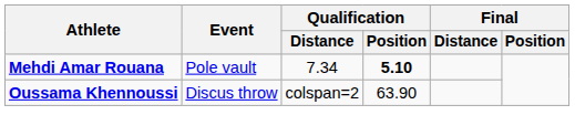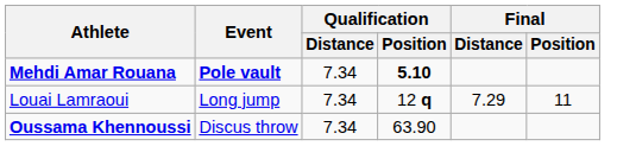 <table class=wikitable style=font-size:90%>
 <tr>
 <th rowspan=2>Athlete</th>
 <th rowspan=2>Event</th>
 <th colspan=2>Qualification</th>
 <th colspan=2>Final</th>
 </tr>
 <tr style=font-size:95%>
 <th>Distance</th>
 <th>Position</th>
 <th>Distance</th>
 <th>Position</th>
 </tr>
 <tr align=center>
 <td align=left><strong><a href='#'>Mehdi Amar Rouana</a></strong></td>
-<td align=left><a href='#'>Pole vault</a></td>
+<td align=left><strong><a href='#'>Pole vault</a></strong></td>
 <td>7.34</td>
 <td><strong>5.10</strong></td>
 <td></td>
 </tr>
 <tr align=center>
+<td align=left><a href='#'>Louai Lamraoui</a></td>
+<td align=left><a href='#'>Long jump</a></td>
+<td>7.34</td>
+<td>12 <strong>q</strong></td>
+<td>7.29</td>
+<td>11</td>
+</tr>
+<tr align=center>
 <td align=left><strong><a href='#'>Oussama Khennoussi</a></strong></td>
 <td align=left><a href='#'>Discus throw</a></td>
-<td>colspan=2 </td>
+<td>7.34</td>
 <td>63.90</td>
 <td></td>
 </tr>
 </table>
